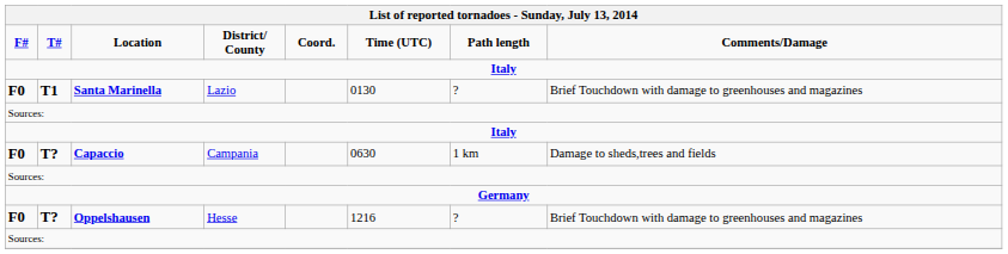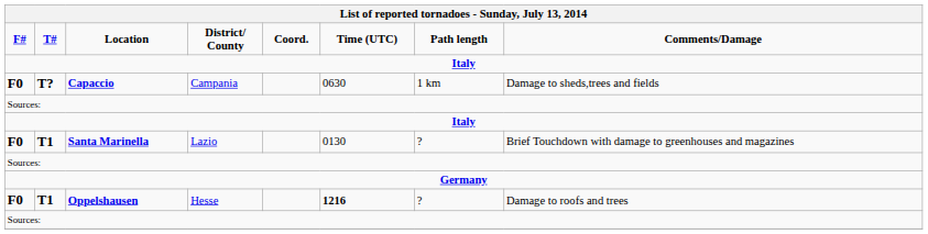 <table class="wikitable collapsible" width="100%">
 <tr>
 <th colspan="8">List of reported tornadoes - Sunday, July 13, 2014</th>
 </tr>
 <tr>
 <td style="text-align: center;"><strong><a href='#'>F#</a></strong></td>
 <td style="text-align: center;"><strong><a href='#'>T#</a></strong></td>
 <td style="text-align: center;"><strong>Location</strong></td>
 <td style="text-align: center;"><strong>District/<br>County</strong></td>
 <td style="text-align: center;"><strong>Coord.</strong></td>
 <td style="text-align: center;"><strong>Time (UTC)</strong></td>
 <td style="text-align: center;"><strong>Path length</strong></td>
 <td style="text-align: center;"><strong>Comments/Damage</strong></td>
 </tr>
 <tr>
 <td colspan="8" align=center><strong><a href='#'>Italy</a></strong></td>
 </tr>
 <tr>
 <td><big><strong>F0</strong></big></td>
+<td><big><strong>T?</strong></big></td>
+<td><strong><a href='#'>Capaccio</a></strong></td>
+<td><a href='#'>Campania</a></td>
+<td></td>
+<td>0630</td>
+<td>1 km</td>
+<td>Damage to sheds,trees and fields</td>
+</tr>
+<tr>
+<td colspan="8"><small>Sources:</small></td>
+</tr>
+<tr>
+<td colspan="8" align=center><strong><a href='#'>Italy</a></strong></td>
+</tr>
+<tr>
+<td><big><strong>F0</strong></big></td>
 <td><big><strong>T1</strong></big></td>
 <td><strong><a href='#'>Santa Marinella</a></strong></td>
 <td><a href='#'>Lazio</a></td>
 <td></td>
 <td>0130</td>
 <td>?</td>
 <td>Brief Touchdown with damage to greenhouses and magazines</td>
 </tr>
 <tr>
 <td colspan="8"><small>Sources:</small></td>
 </tr>
 <tr>
-<td colspan="8" align=center><strong><a href='#'>Italy</a></strong></td>
-</tr>
-<tr>
-<td><big><strong>F0</strong></big></td>
-<td><big><strong>T?</strong></big></td>
-<td><strong><a href='#'>Capaccio</a></strong></td>
-<td><a href='#'>Campania</a></td>
-<td></td>
-<td>0630</td>
-<td>1 km</td>
-<td>Damage to sheds,trees and fields</td>
-</tr>
-<tr>
-<td colspan="8"><small>Sources:</small></td>
-</tr>
-<tr>
 <td colspan="8" align=center><strong><a href='#'>Germany</a></strong></td>
 </tr>
 <tr>
 <td><big><strong>F0</strong></big></td>
-<td><big><strong>T?</strong></big></td>
+<td><big><strong>T1</strong></big></td>
 <td><strong><a href='#'>Oppelshausen</a></strong></td>
 <td><a href='#'>Hesse</a></td>
 <td></td>
-<td>1216</td>
+<td><strong>1216</strong></td>
 <td>?</td>
-<td>Brief Touchdown with damage to greenhouses and magazines</td>
+<td>Damage to roofs and trees</td>
 </tr>
 <tr>
 <td colspan="8"><small>Sources:</small></td>
 </tr>
 <tr>
 </tr>
 </table>
